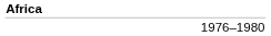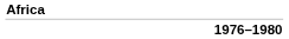 <table>
 <tr>
 <td colspan=2 style="border-bottom: 1px solid #aaa"><strong>Africa</strong></td>
 </tr>
 <tr>
 <td style="width:15em"></td>
-<td>1976–1980</td>
+<td><strong>1976–1980</strong></td>
 </tr>
 </table>
